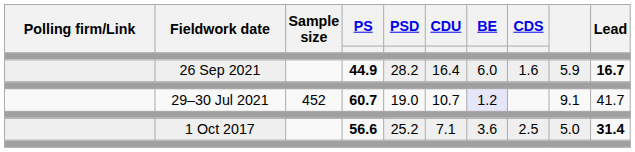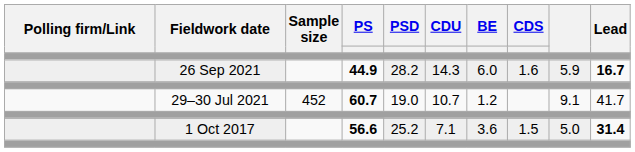 <table class="wikitable sortable mw-datatable" style="text-align:center;font-size:90%;line-height:16px;">
 <tr style="height:42px;">
 <th style="width:145px;" rowspan="2">Polling firm/Link</th>
 <th style="width:125px;" rowspan="2">Fieldwork date</th>
 <th class="unsortable" style="width:50px;" rowspan="2">Sample size</th>
 <th class="unsortable" style="width:35px;"><a href='#'>PS</a></th>
 <th class="unsortable" style="width:35px;"><a href='#'>PSD</a></th>
 <th class="unsortable" style="width:35px;"><a href='#'>CDU</a></th>
 <th class="unsortable" style="width:35px;"><a href='#'>BE</a></th>
 <th class="unsortable" style="width:35px;"><a href='#'>CDS</a></th>
 <th class="unsortable" style="width:35px;" rowspan="2"></th>
 <th class="unsortable" style="width:30px;" rowspan="2">Lead</th>
 </tr>
 <tr>
 <th class="unsortable" style="color:inherit;background:"></th>
 <th class="unsortable" style="color:inherit;background:"></th>
 <th class="unsortable" style="color:inherit;background:"></th>
 <th class="unsortable" style="color:inherit;background:"></th>
 <th class="unsortable" style="color:inherit;background:"></th>
 </tr>
 <tr>
 <td colspan="12" style="background:#A0A0A0"></td>
 </tr>
 <tr>
 <td style="background:#EFEFEF;"><strong></strong></td>
 <td style="background:#EFEFEF;" data-sort-value="2019-10-06">26 Sep 2021</td>
 <td></td>
 <td><strong>44.9</strong><br></td>
 <td style="background:#EFEFEF;">28.2<br></td>
-<td style="background:#EFEFEF;">16.4<br></td>
+<td style="background:#EFEFEF;">14.3<br></td>
 <td style="background:#EFEFEF;">6.0<br></td>
 <td style="background:#EFEFEF;">1.6<br></td>
 <td style="background:#EFEFEF;">5.9</td>
 <td style="background:"><strong>16.7</strong></td>
 </tr>
 <tr>
 <td colspan="12" style="background:#A0A0A0"></td>
 </tr>
 <tr>
 <td align="center"></td>
 <td align="center">29–30 Jul 2021</td>
 <td align="center">452</td>
 <td align="center" ><strong>60.7</strong></td>
 <td align="center">19.0</td>
 <td align="center">10.7</td>
-<td align="center" style="background: lavender;">1.2</td>
+<td align="center">1.2</td>
 <td></td>
 <td align="center">9.1</td>
 <td style="background:">41.7</td>
 </tr>
 <tr>
 <td colspan="12" style="background:#A0A0A0"></td>
 </tr>
 <tr>
 <td style="background:#EFEFEF;"><strong></strong></td>
 <td style="background:#EFEFEF;" data-sort-value="2019-10-06">1 Oct 2017</td>
 <td></td>
 <td><strong>56.6</strong><br></td>
 <td style="background:#EFEFEF;">25.2<br></td>
 <td style="background:#EFEFEF;">7.1<br></td>
 <td style="background:#EFEFEF;">3.6<br></td>
-<td style="background:#EFEFEF;">2.5<br></td>
+<td style="background:#EFEFEF;">1.5<br></td>
 <td style="background:#EFEFEF;">5.0</td>
 <td style="background:"><strong>31.4</strong></td>
 </tr>
 <tr>
 <td colspan="12" style="background:#A0A0A0"></td>
 </tr>
 </table>
